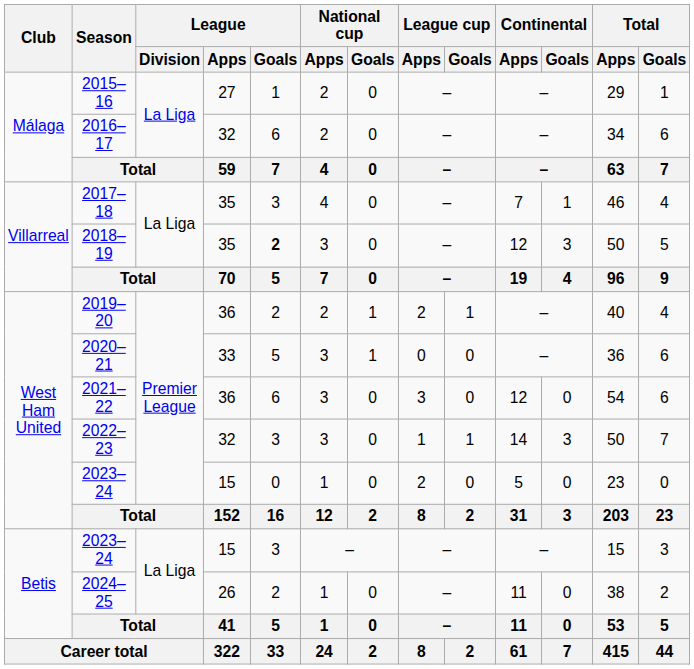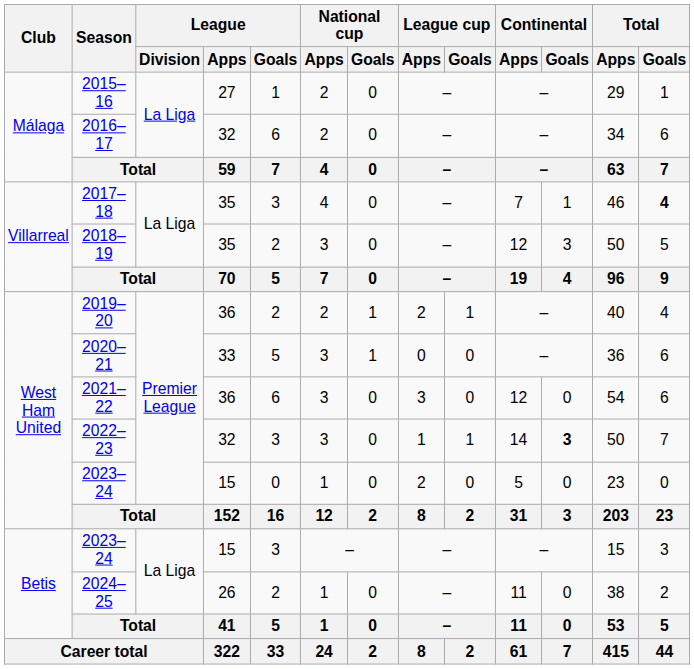 <table class="wikitable" style="text-align:center">
 <tr>
 <th rowspan=2>Club</th>
 <th rowspan=2>Season</th>
 <th colspan=3>League</th>
 <th colspan=2>National cup</th>
 <th colspan=2>League cup</th>
 <th colspan=2>Continental</th>
 <th colspan=2>Total</th>
 </tr>
 <tr>
 <th>Division</th>
 <th>Apps</th>
 <th>Goals</th>
 <th>Apps</th>
 <th>Goals</th>
 <th>Apps</th>
 <th>Goals</th>
 <th>Apps</th>
 <th>Goals</th>
 <th>Apps</th>
 <th>Goals</th>
 </tr>
 <tr>
 <td rowspan=3><a href='#'>Málaga</a></td>
 <td><a href='#'>2015–16</a></td>
 <td rowspan=2><a href='#'>La Liga</a></td>
 <td>27</td>
 <td>1</td>
 <td>2</td>
 <td>0</td>
 <td colspan=2>–</td>
 <td colspan=2>–</td>
 <td>29</td>
 <td>1</td>
 </tr>
 <tr>
 <td><a href='#'>2016–17</a></td>
 <td>32</td>
 <td>6</td>
 <td>2</td>
 <td>0</td>
 <td colspan=2>–</td>
 <td colspan=2>–</td>
 <td>34</td>
 <td>6</td>
 </tr>
 <tr>
 <th colspan=2>Total</th>
 <th>59</th>
 <th>7</th>
 <th>4</th>
 <th>0</th>
 <th colspan=2>–</th>
 <th colspan=2>–</th>
 <th>63</th>
 <th>7</th>
 </tr>
 <tr>
 <td rowspan=3><a href='#'>Villarreal</a></td>
 <td><a href='#'>2017–18</a></td>
 <td rowspan=2>La Liga</td>
 <td>35</td>
 <td>3</td>
 <td>4</td>
 <td>0</td>
 <td colspan=2>–</td>
 <td>7</td>
 <td>1</td>
 <td>46</td>
-<td>4</td>
+<td><strong>4</strong></td>
 </tr>
 <tr>
 <td><a href='#'>2018–19</a></td>
 <td>35</td>
-<td><strong>2</strong></td>
+<td>2</td>
 <td>3</td>
 <td>0</td>
 <td colspan=2>–</td>
 <td>12</td>
 <td>3</td>
 <td>50</td>
 <td>5</td>
 </tr>
 <tr>
 <th colspan=2>Total</th>
 <th>70</th>
 <th>5</th>
 <th>7</th>
 <th>0</th>
 <th colspan=2>–</th>
 <th>19</th>
 <th>4</th>
 <th>96</th>
 <th>9</th>
 </tr>
 <tr>
 <td rowspan=6><a href='#'>West Ham United</a></td>
 <td><a href='#'>2019–20</a></td>
 <td rowspan=5><a href='#'>Premier League</a></td>
 <td>36</td>
 <td>2</td>
 <td>2</td>
 <td>1</td>
 <td>2</td>
 <td>1</td>
 <td colspan=2>–</td>
 <td>40</td>
 <td>4</td>
 </tr>
 <tr>
 <td><a href='#'>2020–21</a></td>
 <td>33</td>
 <td>5</td>
 <td>3</td>
 <td>1</td>
 <td>0</td>
 <td>0</td>
 <td colspan=2>–</td>
 <td>36</td>
 <td>6</td>
 </tr>
 <tr>
 <td><a href='#'>2021–22</a></td>
 <td>36</td>
 <td>6</td>
 <td>3</td>
 <td>0</td>
 <td>3</td>
 <td>0</td>
 <td>12</td>
 <td>0</td>
 <td>54</td>
 <td>6</td>
 </tr>
 <tr>
 <td><a href='#'>2022–23</a></td>
 <td>32</td>
 <td>3</td>
 <td>3</td>
 <td>0</td>
 <td>1</td>
 <td>1</td>
 <td>14</td>
-<td>3</td>
+<td><strong>3</strong></td>
 <td>50</td>
 <td>7</td>
 </tr>
 <tr>
 <td><a href='#'>2023–24</a></td>
 <td>15</td>
 <td>0</td>
 <td>1</td>
 <td>0</td>
 <td>2</td>
 <td>0</td>
 <td>5</td>
 <td>0</td>
 <td>23</td>
 <td>0</td>
 </tr>
 <tr>
 <th colspan=2>Total</th>
 <th>152</th>
 <th>16</th>
 <th>12</th>
 <th>2</th>
 <th>8</th>
 <th>2</th>
 <th>31</th>
 <th>3</th>
 <th>203</th>
 <th>23</th>
 </tr>
 <tr>
 <td rowspan=3><a href='#'>Betis</a></td>
 <td><a href='#'>2023–24</a></td>
 <td rowspan=2>La Liga</td>
 <td>15</td>
 <td>3</td>
 <td colspan=2>–</td>
 <td colspan=2>–</td>
 <td colspan=2>–</td>
 <td>15</td>
 <td>3</td>
 </tr>
 <tr>
 <td><a href='#'>2024–25</a></td>
 <td>26</td>
 <td>2</td>
 <td>1</td>
 <td>0</td>
 <td colspan=2>–</td>
 <td>11</td>
 <td>0</td>
 <td>38</td>
 <td>2</td>
 </tr>
 <tr>
 <th colspan=2>Total</th>
 <th>41</th>
 <th>5</th>
 <th>1</th>
 <th>0</th>
 <th colspan=2>–</th>
 <th>11</th>
 <th>0</th>
 <th>53</th>
 <th>5</th>
 </tr>
 <tr>
 <th colspan=3>Career total</th>
 <th>322</th>
 <th>33</th>
 <th>24</th>
 <th>2</th>
 <th>8</th>
 <th>2</th>
 <th>61</th>
 <th>7</th>
 <th>415</th>
 <th>44</th>
 </tr>
 </table>
